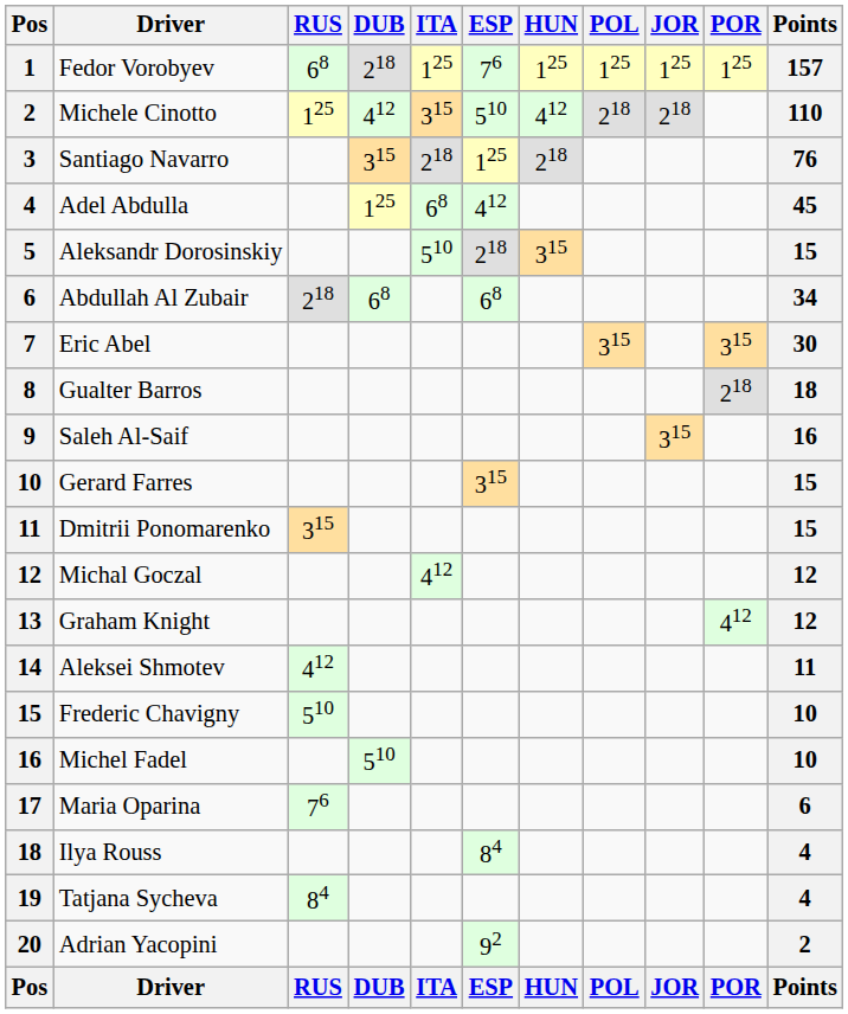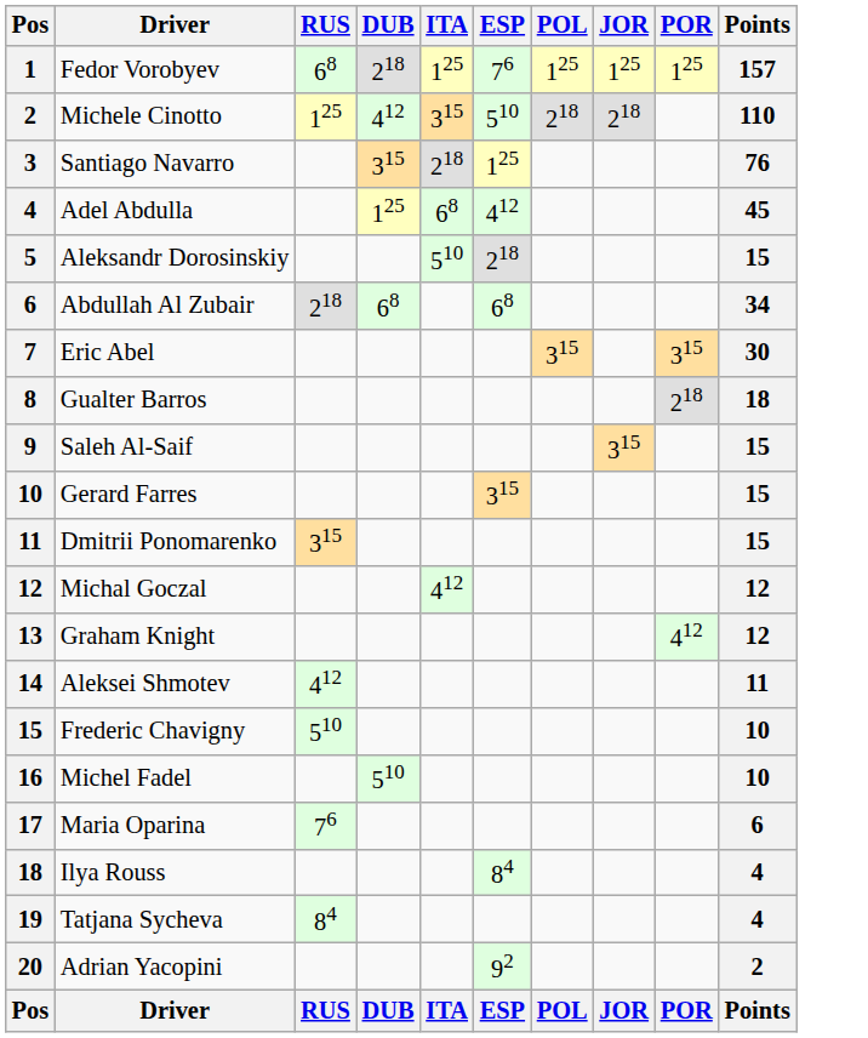 <table class="wikitable" style="font-size: 85%; text-align: center; display: inline-table;">
 <tr valign="top">
 <th valign="middle">Pos</th>
 <th valign="middle">Driver</th>
 <th><a href='#'>RUS</a><br></th>
 <th><a href='#'>DUB</a><br></th>
 <th><a href='#'>ITA</a><br></th>
 <th><a href='#'>ESP</a><br></th>
-<th><a href='#'>HUN</a><br></th>
 <th><a href='#'>POL</a><br></th>
 <th><a href='#'>JOR</a><br></th>
 <th><a href='#'>POR</a><br></th>
 <th valign="middle">Points</th>
 </tr>
 <tr>
 <th>1</th>
 <td align=left> Fedor Vorobyev</td>
 <td style="background:#dfffdf;">6<sup>8</sup></td>
 <td style="background:#dfdfdf;">2<sup>18</sup></td>
 <td style="background:#ffffbf;">1<sup>25</sup></td>
 <td style="background:#dfffdf;">7<sup>6</sup></td>
 <td style="background:#ffffbf;">1<sup>25</sup></td>
 <td style="background:#ffffbf;">1<sup>25</sup></td>
 <td style="background:#ffffbf;">1<sup>25</sup></td>
-<td style="background:#ffffbf;">1<sup>25</sup></td>
 <th>157</th>
 </tr>
 <tr>
 <th>2</th>
 <td align=left> Michele Cinotto</td>
 <td style="background:#ffffbf;">1<sup>25</sup></td>
 <td style="background:#dfffdf;">4<sup>12</sup></td>
 <td style="background:#ffdf9f;">3<sup>15</sup></td>
 <td style="background:#dfffdf;">5<sup>10</sup></td>
-<td style="background:#dfffdf;">4<sup>12</sup></td>
 <td style="background:#dfdfdf;">2<sup>18</sup></td>
 <td style="background:#dfdfdf;">2<sup>18</sup></td>
 <td></td>
 <th>110</th>
 </tr>
 <tr>
 <th>3</th>
 <td align=left> Santiago Navarro</td>
 <td></td>
 <td style="background:#ffdf9f;">3<sup>15</sup></td>
 <td style="background:#dfdfdf;">2<sup>18</sup></td>
 <td style="background:#ffffbf;">1<sup>25</sup></td>
-<td style="background:#dfdfdf;">2<sup>18</sup></td>
 <td></td>
 <td></td>
 <td></td>
 <th>76</th>
 </tr>
 <tr>
 <th>4</th>
 <td align=left> Adel Abdulla</td>
 <td></td>
 <td style="background:#ffffbf;">1<sup>25</sup></td>
 <td style="background:#dfffdf;">6<sup>8</sup></td>
 <td style="background:#dfffdf;">4<sup>12</sup></td>
 <td></td>
 <td></td>
 <td></td>
-<td></td>
 <th>45</th>
 </tr>
 <tr>
 <th>5</th>
 <td align=left> Aleksandr Dorosinskiy</td>
 <td></td>
 <td></td>
 <td style="background:#dfffdf;">5<sup>10</sup></td>
 <td style="background:#dfdfdf;">2<sup>18</sup></td>
-<td style="background:#ffdf9f;">3<sup>15</sup></td>
 <td></td>
 <td></td>
 <td></td>
 <th>15</th>
 </tr>
 <tr>
 <th>6</th>
 <td align=left> Abdullah Al Zubair</td>
 <td style="background:#dfdfdf;">2<sup>18</sup></td>
 <td style="background:#dfffdf;">6<sup>8</sup></td>
 <td></td>
 <td style="background:#dfffdf;">6<sup>8</sup></td>
 <td></td>
 <td></td>
 <td></td>
-<td></td>
 <th>34</th>
 </tr>
 <tr>
 <th>7</th>
 <td align=left> Eric Abel</td>
-<td></td>
 <td></td>
 <td></td>
 <td></td>
 <td></td>
 <td style="background:#ffdf9f;">3<sup>15</sup></td>
 <td></td>
 <td style="background:#ffdf9f;">3<sup>15</sup></td>
 <th>30</th>
 </tr>
 <tr>
 <th>8</th>
 <td align=left> Gualter Barros</td>
 <td></td>
 <td></td>
 <td></td>
 <td></td>
 <td></td>
 <td></td>
-<td></td>
 <td style="background:#dfdfdf;">2<sup>18</sup></td>
 <th>18</th>
 </tr>
 <tr>
 <th>9</th>
 <td align=left> Saleh Al-Saif</td>
 <td></td>
 <td></td>
 <td></td>
 <td></td>
 <td></td>
-<td></td>
 <td style="background:#ffdf9f;">3<sup>15</sup></td>
 <td></td>
-<th>16</th>
+<th>15</th>
 </tr>
 <tr>
 <th>10</th>
 <td align=left> Gerard Farres</td>
 <td></td>
 <td></td>
 <td></td>
 <td style="background:#ffdf9f;">3<sup>15</sup></td>
 <td></td>
 <td></td>
 <td></td>
-<td></td>
 <th>15</th>
 </tr>
 <tr>
 <th>11</th>
 <td align=left> Dmitrii Ponomarenko</td>
 <td style="background:#ffdf9f;">3<sup>15</sup></td>
-<td></td>
 <td></td>
 <td></td>
 <td></td>
 <td></td>
 <td></td>
 <td></td>
 <th>15</th>
 </tr>
 <tr>
 <th>12</th>
 <td align=left> Michal Goczal</td>
 <td></td>
 <td></td>
 <td style="background:#dfffdf;">4<sup>12</sup></td>
 <td></td>
 <td></td>
 <td></td>
 <td></td>
-<td></td>
 <th>12</th>
 </tr>
 <tr>
 <th>13</th>
 <td align=left> Graham Knight</td>
-<td></td>
 <td></td>
 <td></td>
 <td></td>
 <td></td>
 <td></td>
 <td></td>
 <td style="background:#dfffdf;">4<sup>12</sup></td>
 <th>12</th>
 </tr>
 <tr>
 <th>14</th>
 <td align=left> Aleksei Shmotev</td>
 <td style="background:#dfffdf;">4<sup>12</sup></td>
 <td></td>
 <td></td>
 <td></td>
 <td></td>
 <td></td>
 <td></td>
-<td></td>
 <th>11</th>
 </tr>
 <tr>
 <th>15</th>
 <td align=left> Frederic Chavigny</td>
 <td style="background:#dfffdf;">5<sup>10</sup></td>
-<td></td>
 <td></td>
 <td></td>
 <td></td>
 <td></td>
 <td></td>
 <td></td>
 <th>10</th>
 </tr>
 <tr>
 <th>16</th>
 <td align=left> Michel Fadel</td>
 <td></td>
 <td style="background:#dfffdf;">5<sup>10</sup></td>
 <td></td>
 <td></td>
 <td></td>
 <td></td>
 <td></td>
-<td></td>
 <th>10</th>
 </tr>
 <tr>
 <th>17</th>
 <td align=left> Maria Oparina</td>
 <td style="background:#dfffdf;">7<sup>6</sup></td>
-<td></td>
 <td></td>
 <td></td>
 <td></td>
 <td></td>
 <td></td>
 <td></td>
 <th>6</th>
 </tr>
 <tr>
 <th>18</th>
 <td align=left> Ilya Rouss</td>
 <td></td>
 <td></td>
 <td></td>
 <td style="background:#dfffdf;">8<sup>4</sup></td>
 <td></td>
 <td></td>
 <td></td>
-<td></td>
 <th>4</th>
 </tr>
 <tr>
 <th>19</th>
 <td align=left> Tatjana Sycheva</td>
 <td style="background:#dfffdf;">8<sup>4</sup></td>
-<td></td>
 <td></td>
 <td></td>
 <td></td>
 <td></td>
 <td></td>
 <td></td>
 <th>4</th>
 </tr>
 <tr>
 <th>20</th>
 <td align=left> Adrian Yacopini</td>
 <td></td>
 <td></td>
 <td></td>
 <td style="background:#dfffdf;">9<sup>2</sup></td>
 <td></td>
 <td></td>
 <td></td>
-<td></td>
 <th>2</th>
 </tr>
 <tr valign="top">
 <th valign="middle">Pos</th>
 <th valign="middle">Driver</th>
 <th><a href='#'>RUS</a><br></th>
 <th><a href='#'>DUB</a><br></th>
 <th><a href='#'>ITA</a><br></th>
 <th><a href='#'>ESP</a><br></th>
-<th><a href='#'>HUN</a><br></th>
 <th><a href='#'>POL</a><br></th>
 <th><a href='#'>JOR</a><br></th>
 <th><a href='#'>POR</a><br></th>
 <th valign="middle">Points</th>
 </tr>
 </table>
